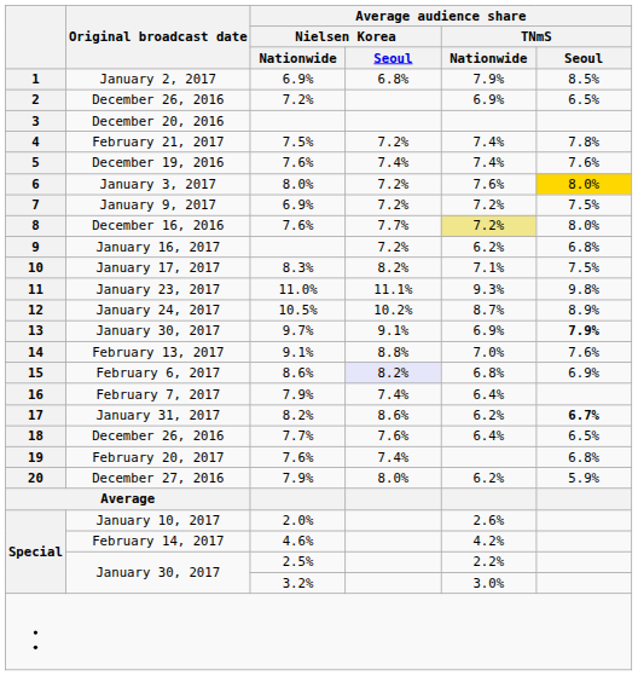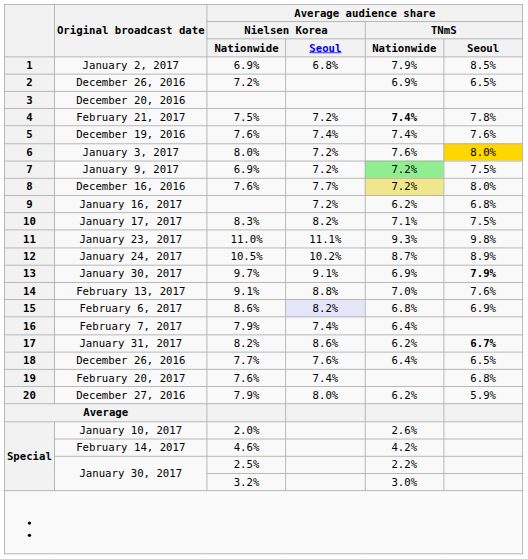 <table class="wikitable" style="text-align: center;">
 <tr>
 <th rowspan="3"></th>
 <th rowspan="3">Original broadcast date</th>
 <th colspan="4">Average audience share</th>
 </tr>
 <tr>
 <th colspan="2">Nielsen Korea</th>
 <th colspan="2">TNmS</th>
 </tr>
 <tr>
 <th width="90">Nationwide</th>
 <th width="90"><a href='#'>Seoul</a></th>
 <th width="90">Nationwide</th>
 <th width="90">Seoul</th>
 </tr>
 <tr>
 <th>1</th>
 <td>January 2, 2017</td>
 <td>6.9% </td>
 <td>6.8% </td>
 <td>7.9% </td>
 <td>8.5% </td>
 </tr>
 <tr>
 <th>2</th>
 <td>December 26, 2016</td>
 <td>7.2% </td>
 <td><strong></strong> </td>
 <td>6.9% </td>
 <td>6.5% </td>
 </tr>
 <tr>
 <th>3</th>
 <td>December 20, 2016</td>
 <td><strong></strong> </td>
 <td><strong></strong> </td>
 <td><strong></strong> </td>
 <td><strong></strong> </td>
 </tr>
 <tr>
 <th>4</th>
 <td>February 21, 2017</td>
 <td>7.5% </td>
 <td>7.2% </td>
-<td>7.4% </td>
+<td><strong>7.4% </strong></td>
 <td>7.8% </td>
 </tr>
 <tr>
 <th>5</th>
 <td>December 19, 2016</td>
 <td>7.6% </td>
 <td>7.4% </td>
 <td>7.4% </td>
 <td>7.6% </td>
 </tr>
 <tr>
 <th>6</th>
 <td>January 3, 2017</td>
 <td>8.0% </td>
 <td>7.2% </td>
 <td>7.6% </td>
 <td style="background: gold;">8.0% </td>
 </tr>
 <tr>
 <th>7</th>
 <td>January 9, 2017</td>
 <td>6.9% </td>
 <td>7.2% </td>
-<td>7.2% </td>
+<td style="background: lightgreen;">7.2% </td>
 <td>7.5% </td>
 </tr>
 <tr>
 <th>8</th>
 <td>December 16, 2016</td>
 <td>7.6% </td>
 <td>7.7% </td>
 <td style="background: khaki;">7.2% </td>
 <td>8.0% </td>
 </tr>
 <tr>
 <th>9</th>
 <td>January 16, 2017</td>
 <td><strong></strong> </td>
 <td>7.2% </td>
 <td>6.2% </td>
 <td>6.8% </td>
 </tr>
 <tr>
 <th>10</th>
 <td>January 17, 2017</td>
 <td>8.3% </td>
 <td>8.2% </td>
 <td>7.1% </td>
 <td>7.5% </td>
 </tr>
 <tr>
 <th>11</th>
 <td>January 23, 2017</td>
 <td>11.0% </td>
 <td>11.1% </td>
 <td>9.3% </td>
 <td>9.8% </td>
 </tr>
 <tr>
 <th>12</th>
 <td>January 24, 2017</td>
 <td>10.5% </td>
 <td>10.2% </td>
 <td>8.7% </td>
 <td>8.9% </td>
 </tr>
 <tr>
 <th>13</th>
 <td>January 30, 2017</td>
 <td>9.7% </td>
 <td>9.1% </td>
 <td>6.9% </td>
 <td><strong>7.9% </strong></td>
 </tr>
 <tr>
 <th>14</th>
 <td>February 13, 2017</td>
 <td>9.1% </td>
 <td>8.8% </td>
 <td>7.0% </td>
 <td>7.6% </td>
 </tr>
 <tr>
 <th>15</th>
 <td>February 6, 2017</td>
 <td>8.6% </td>
 <td style="background: lavender;">8.2% </td>
 <td>6.8% </td>
 <td>6.9% </td>
 </tr>
 <tr>
 <th>16</th>
 <td>February 7, 2017</td>
 <td>7.9% </td>
 <td>7.4% </td>
 <td>6.4% </td>
 <td><strong></strong> </td>
 </tr>
 <tr>
 <th>17</th>
 <td>January 31, 2017</td>
 <td>8.2% </td>
 <td>8.6% </td>
 <td>6.2% </td>
 <td><strong>6.7% </strong></td>
 </tr>
 <tr>
 <th>18</th>
 <td>December 26, 2016</td>
 <td>7.7% </td>
 <td>7.6% </td>
 <td>6.4% </td>
 <td>6.5% </td>
 </tr>
 <tr>
 <th>19</th>
 <td>February 20, 2017</td>
 <td>7.6% </td>
 <td>7.4% </td>
 <td> </td>
 <td>6.8% </td>
 </tr>
 <tr>
 <th>20</th>
 <td>December 27, 2016</td>
 <td>7.9% </td>
 <td>8.0% </td>
 <td>6.2% </td>
 <td>5.9% </td>
 </tr>
 <tr>
 <th colspan="2">Average</th>
 <th></th>
 <th></th>
 <th></th>
 <th></th>
 </tr>
 <tr>
 <th rowspan="4">Special</th>
 <td>January 10, 2017</td>
 <td>2.0% </td>
 <td></td>
 <td>2.6% </td>
 <td></td>
 </tr>
 <tr>
 <td>February 14, 2017</td>
 <td>4.6% </td>
 <td></td>
 <td>4.2% </td>
 <td></td>
 </tr>
 <tr>
 <td rowspan="2">January 30, 2017</td>
 <td>2.5% </td>
 <td></td>
 <td>2.2% </td>
 <td></td>
 </tr>
 <tr>
 <td>3.2% </td>
 <td></td>
 <td>3.0% </td>
 <td></td>
 </tr>
 <tr>
 <td colspan="6"><br><ul><li></li><li></li></ul></td>
 </tr>
 </table>
